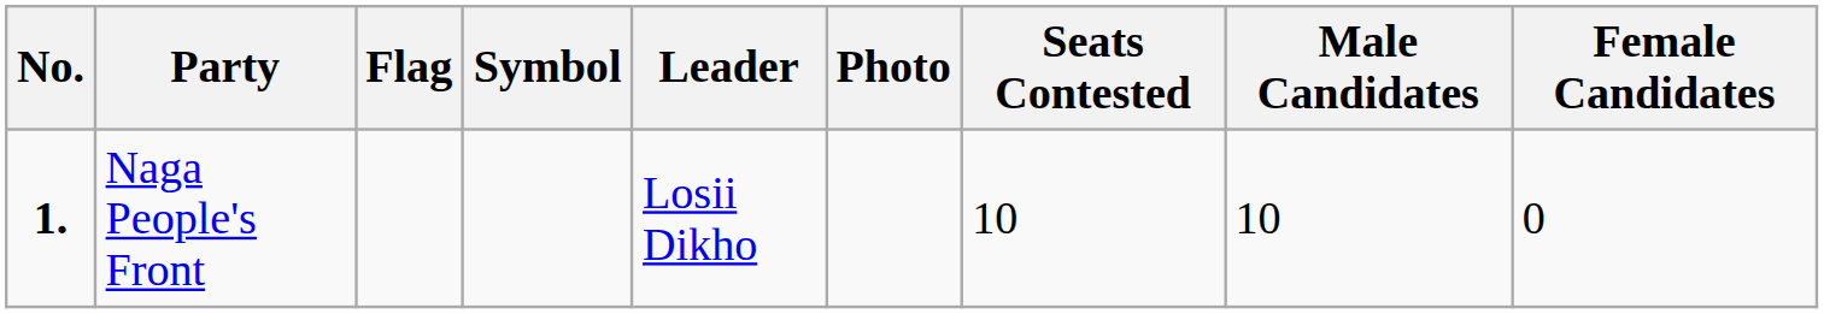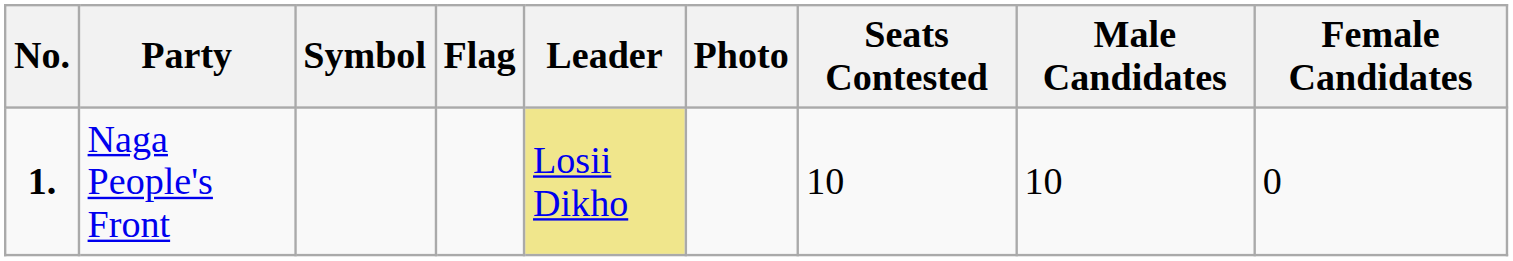 <table class="wikitable"  width="50%">
 <tr>
 <th>No.</th>
 <th>Party</th>
+<th>Symbol</th>
 <th>Flag</th>
-<th>Symbol</th>
 <th>Leader</th>
 <th>Photo</th>
 <th>Seats Contested</th>
 <th>Male Candidates</th>
 <th>Female Candidates</th>
 </tr>
 <tr>
 <td ! style="text-align:center; background:"><strong>1.</strong></td>
 <td><a href='#'>Naga People's Front</a></td>
 <td></td>
 <td></td>
-<td><a href='#'>Losii Dikho</a></td>
+<td style="background: khaki;"><a href='#'>Losii Dikho</a></td>
 <td></td>
 <td>10<br></td>
 <td>10</td>
 <td>0</td>
 </tr>
 </table>
